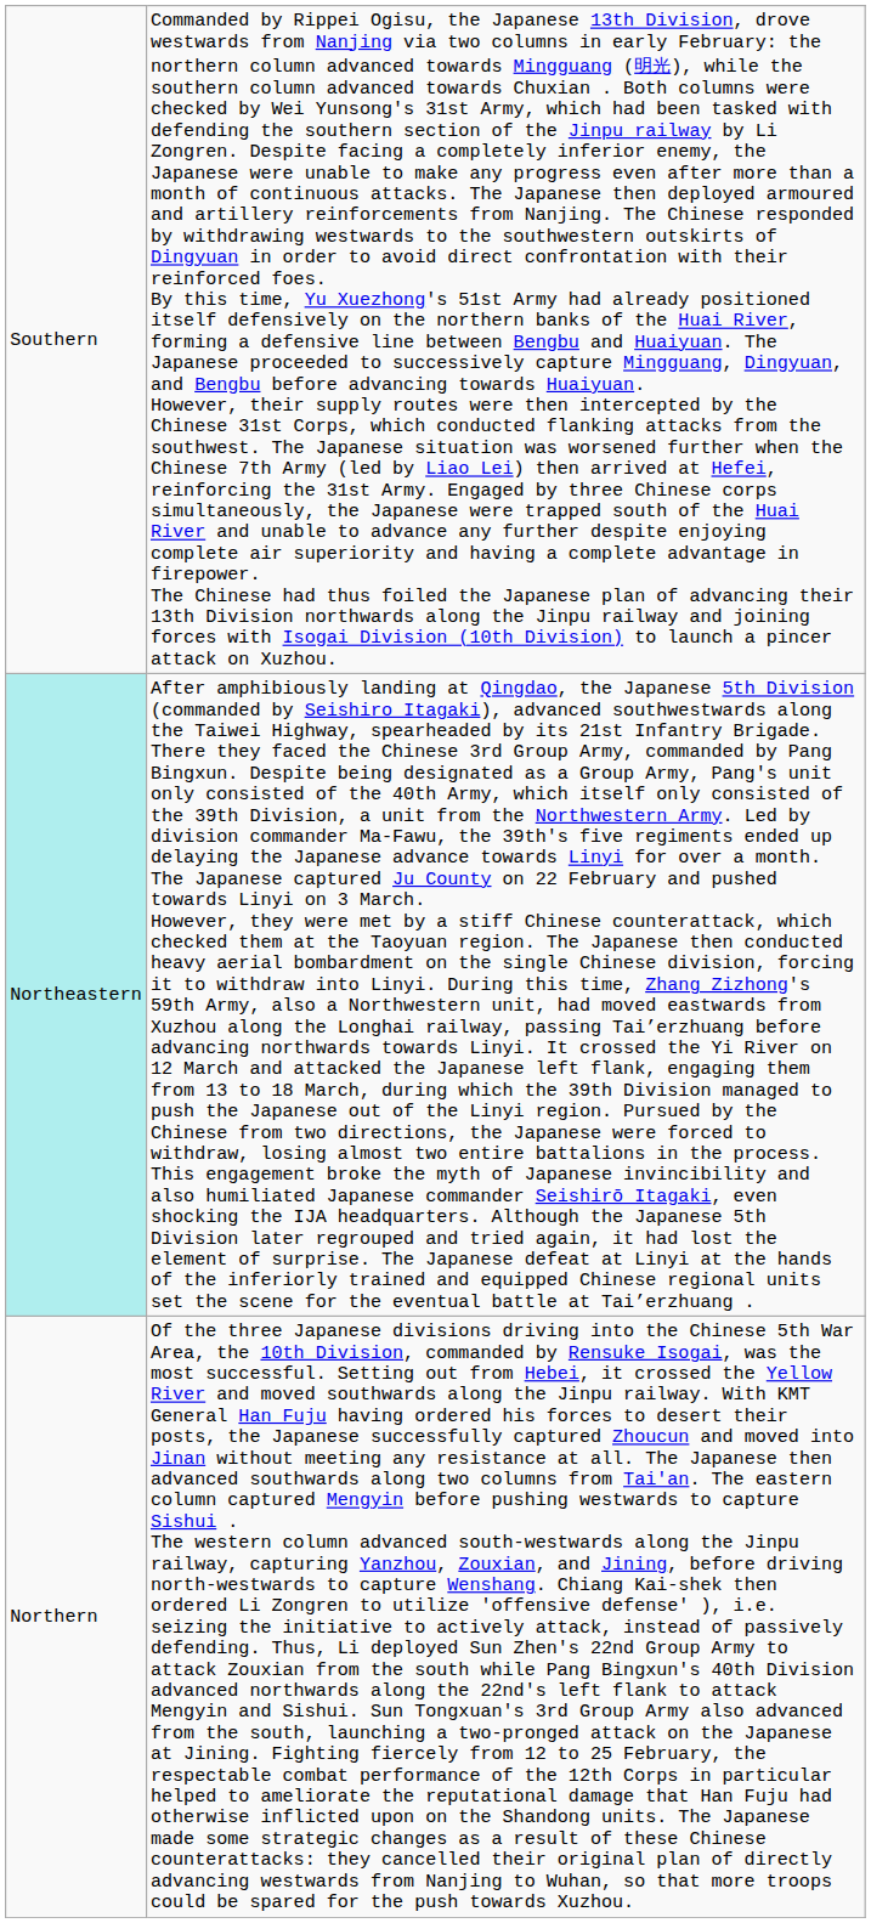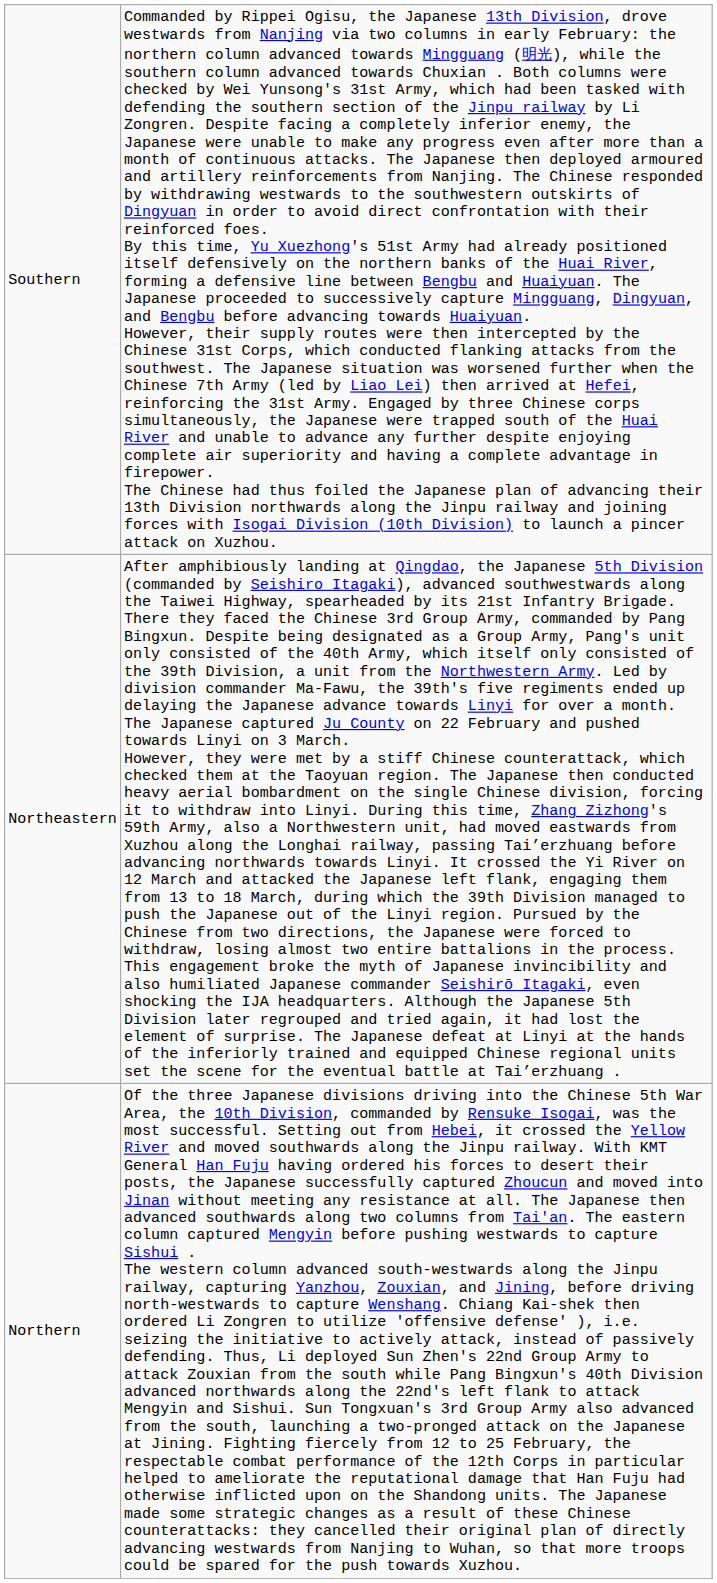 <table class="wikitable">
 <tr>
 <td>Southern</td>
 <td>Commanded by Rippei Ogisu, the Japanese <a href='#'>13th Division</a>, drove westwards from <a href='#'>Nanjing</a> via two columns in early February: the northern column advanced towards <a href='#'>Mingguang</a> (<a href='#'>明光</a>), while the southern column advanced towards Chuxian . Both columns were checked by Wei Yunsong's 31st Army, which had been tasked with defending the southern section of the <a href='#'>Jinpu railway</a> by Li Zongren. Despite facing a completely inferior enemy, the Japanese were unable to make any progress even after more than a month of continuous attacks. The Japanese then deployed armoured and artillery reinforcements from Nanjing. The Chinese responded by withdrawing westwards to the southwestern outskirts of <a href='#'>Dingyuan</a> in order to avoid direct confrontation with their reinforced foes. <br>By this time, <a href='#'>Yu Xuezhong</a>'s 51st Army had already positioned itself defensively on the northern banks of the <a href='#'>Huai River</a>, forming a defensive line between <a href='#'>Bengbu</a> and <a href='#'>Huaiyuan</a>. The Japanese proceeded to successively capture <a href='#'>Mingguang</a>, <a href='#'>Dingyuan</a>, and <a href='#'>Bengbu</a> before advancing towards <a href='#'>Huaiyuan</a>.<br>However, their supply routes were then intercepted by the Chinese 31st Corps, which conducted flanking attacks from the southwest. The Japanese situation was worsened further when the Chinese 7th Army (led by <a href='#'>Liao Lei</a>) then arrived at <a href='#'>Hefei</a>, reinforcing the 31st Army. Engaged by three Chinese corps simultaneously, the Japanese were trapped south of the <a href='#'>Huai River</a> and unable to advance any further despite enjoying complete air superiority and having a complete advantage in firepower.<br>The Chinese had thus foiled the Japanese plan of advancing their 13th Division northwards along the Jinpu railway and joining forces with <a href='#'>Isogai Division (10th Division)</a> to launch a pincer attack on Xuzhou.</td>
 </tr>
 <tr>
-<td style="background: paleturquoise;">Northeastern</td>
+<td>Northeastern</td>
 <td>After amphibiously landing at <a href='#'>Qingdao</a>, the Japanese <a href='#'>5th Division</a> (commanded by <a href='#'>Seishiro Itagaki</a>), advanced southwestwards along the Taiwei Highway, spearheaded by its 21st Infantry Brigade. There they faced the Chinese 3rd Group Army, commanded by Pang Bingxun. Despite being designated as a Group Army, Pang's unit only consisted of the 40th Army, which itself only consisted of the 39th Division, a unit from the <a href='#'>Northwestern Army</a>. Led by division commander Ma-Fawu, the 39th's five regiments ended up delaying the Japanese advance towards <a href='#'>Linyi</a> for over a month. The Japanese captured <a href='#'>Ju County</a>  on 22 February and pushed towards Linyi on 3 March. <br>However, they were met by a stiff Chinese counterattack, which checked them at the Taoyuan region. The Japanese then conducted heavy aerial bombardment on the single Chinese division, forcing it to withdraw into Linyi. During this time, <a href='#'>Zhang Zizhong</a>'s 59th Army, also a Northwestern unit, had moved eastwards from Xuzhou along the Longhai railway, passing Tai’erzhuang before advancing northwards towards Linyi. It crossed the Yi River on 12 March and attacked the Japanese left flank, engaging them from 13 to 18 March, during which the 39th Division managed to push the Japanese out of the Linyi region. Pursued by the Chinese from two directions, the Japanese were forced to withdraw, losing almost two entire battalions in the process. This engagement broke the myth of Japanese invincibility and also humiliated Japanese commander <a href='#'>Seishirō Itagaki</a>, even shocking the IJA headquarters. Although the Japanese 5th Division later regrouped and tried again, it had lost the element of surprise. The Japanese defeat at Linyi at the hands of the inferiorly trained and equipped Chinese regional units set the scene for the eventual battle at Tai’erzhuang .</td>
 </tr>
 <tr>
 <td>Northern</td>
 <td>Of the three Japanese divisions driving into the Chinese 5th War Area, the <a href='#'>10th Division</a>, commanded by <a href='#'>Rensuke Isogai</a>, was the most successful. Setting out from <a href='#'>Hebei</a>, it crossed the <a href='#'>Yellow River</a> and moved southwards along the Jinpu railway. With KMT General <a href='#'>Han Fuju</a> having ordered his forces to desert their posts, the Japanese successfully captured <a href='#'>Zhoucun</a> and moved into <a href='#'>Jinan</a> without meeting any resistance at all. The Japanese then advanced southwards along two columns from <a href='#'>Tai'an</a>. The eastern column captured <a href='#'>Mengyin</a>  before pushing westwards to capture <a href='#'>Sishui</a> .<br>The western column advanced south-westwards along the Jinpu railway, capturing <a href='#'>Yanzhou</a>, <a href='#'>Zouxian</a>, and <a href='#'>Jining</a>, before driving north-westwards to capture <a href='#'>Wenshang</a>. Chiang Kai-shek then ordered Li Zongren to utilize 'offensive defense' ), i.e. seizing the initiative to actively attack, instead of passively defending. Thus, Li deployed Sun Zhen's 22nd Group Army to attack Zouxian from the south while Pang Bingxun's 40th Division advanced northwards along the 22nd's left flank to attack Mengyin and Sishui. Sun Tongxuan's 3rd Group Army also advanced from the south, launching a two-pronged attack on the Japanese at Jining. Fighting fiercely from 12 to 25 February, the respectable combat performance of the 12th Corps in particular helped to ameliorate the reputational damage that Han Fuju had otherwise inflicted upon on the Shandong units. The Japanese made some strategic changes as a result of these Chinese counterattacks: they cancelled their original plan of directly advancing westwards from Nanjing to Wuhan, so that more troops could be spared for the push towards Xuzhou.</td>
 </tr>
 </table>
